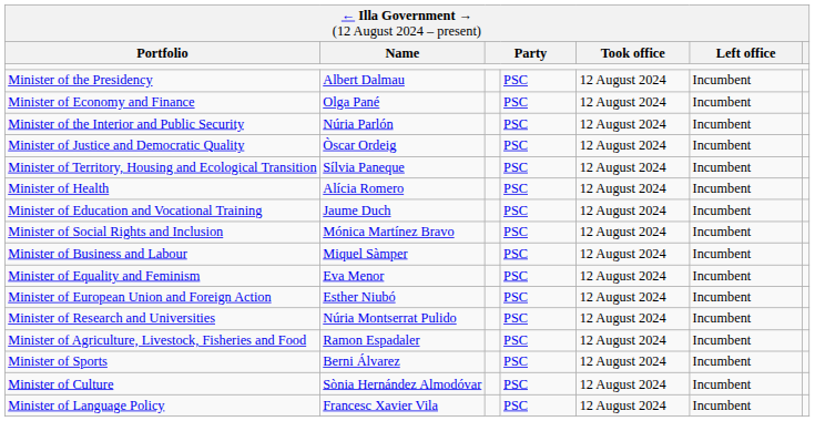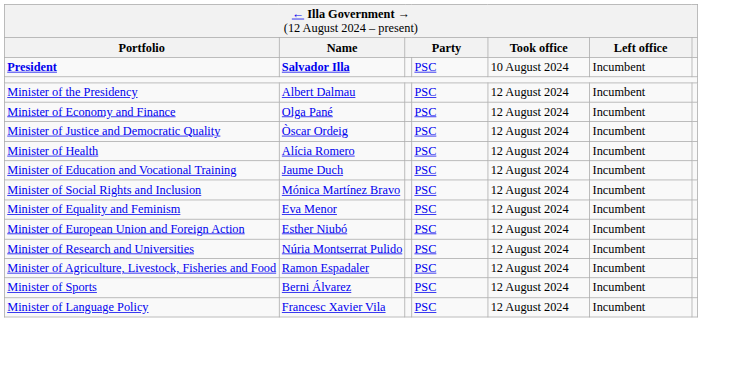 <table class="wikitable">
 <tr>
 <td colspan="7" bgcolor="#F2F2F2" align="center"><a href='#'>←</a> <strong>Illa Government</strong> →<br>(12 August 2024 – present)</td>
 </tr>
 <tr>
 <th>Portfolio</th>
 <th>Name</th>
 <th width="100px" colspan="2">Party</th>
 <th width="125px">Took office</th>
 <th width="125px">Left office</th>
 <th></th>
+</tr>
+<tr>
+<td><strong><a href='#'>President</a></strong></td>
+<td><strong><a href='#'>Salvador Illa</a></strong></td>
+<td width="1" style="background-color:"></td>
+<td><a href='#'>PSC</a></td>
+<td>10 August 2024</td>
+<td>Incumbent</td>
+<td align="center"></td>
 </tr>
 <tr>
 <td colspan="7"></td>
 </tr>
 <tr>
 <td><a href='#'>Minister of the Presidency</a></td>
 <td><a href='#'>Albert Dalmau</a></td>
 <td style="background-color:"></td>
 <td><a href='#'>PSC</a></td>
 <td>12 August 2024</td>
 <td>Incumbent</td>
 <td align="center"></td>
 </tr>
 <tr>
 <td><a href='#'>Minister of Economy and Finance</a></td>
 <td><a href='#'>Olga Pané</a></td>
 <td style="background-color:"></td>
 <td><a href='#'>PSC</a></td>
 <td>12 August 2024</td>
 <td>Incumbent</td>
 <td align="center"></td>
 </tr>
 <tr>
-<td><a href='#'>Minister of the Interior and Public Security</a></td>
-<td><a href='#'>Núria Parlón</a></td>
-<td style="background-color:"></td>
-<td><a href='#'>PSC</a></td>
-<td>12 August 2024</td>
-<td>Incumbent</td>
-<td align="center"></td>
-</tr>
-<tr>
 <td><a href='#'>Minister of Justice and Democratic Quality</a></td>
 <td><a href='#'>Òscar Ordeig</a></td>
 <td style="background-color:"></td>
 <td><a href='#'>PSC</a> </td>
-<td>12 August 2024</td>
-<td>Incumbent</td>
-<td align="center"></td>
-</tr>
-<tr>
-<td><a href='#'>Minister of Territory, Housing and Ecological Transition</a></td>
-<td><a href='#'>Sílvia Paneque</a></td>
-<td style="background-color:"></td>
-<td><a href='#'>PSC</a></td>
 <td>12 August 2024</td>
 <td>Incumbent</td>
 <td align="center"></td>
 </tr>
 <tr>
 <td><a href='#'>Minister of Health</a></td>
 <td><a href='#'>Alícia Romero</a></td>
 <td style="background-color:"></td>
 <td><a href='#'>PSC</a> </td>
 <td>12 August 2024</td>
 <td>Incumbent</td>
 <td align="center"></td>
 </tr>
 <tr>
 <td><a href='#'>Minister of Education and Vocational Training</a></td>
 <td><a href='#'>Jaume Duch</a></td>
 <td style="background-color:"></td>
 <td><a href='#'>PSC</a></td>
 <td>12 August 2024</td>
 <td>Incumbent</td>
 <td align="center"></td>
 </tr>
 <tr>
 <td><a href='#'>Minister of Social Rights and Inclusion</a></td>
 <td><a href='#'>Mónica Martínez Bravo</a></td>
 <td style="background-color:"></td>
 <td><a href='#'>PSC</a></td>
-<td>12 August 2024</td>
-<td>Incumbent</td>
-<td align="center"></td>
-</tr>
-<tr>
-<td><a href='#'>Minister of Business and Labour</a></td>
-<td><a href='#'>Miquel Sàmper</a></td>
-<td style="background-color:"></td>
-<td><a href='#'>PSC</a> </td>
 <td>12 August 2024</td>
 <td>Incumbent</td>
 <td align="center"></td>
 </tr>
 <tr>
 <td><a href='#'>Minister of Equality and Feminism</a></td>
 <td><a href='#'>Eva Menor</a></td>
 <td style="background-color:"></td>
 <td><a href='#'>PSC</a></td>
 <td>12 August 2024</td>
 <td>Incumbent</td>
 <td align="center"></td>
 </tr>
 <tr>
 <td><a href='#'>Minister of European Union and Foreign Action</a></td>
 <td><a href='#'>Esther Niubó</a></td>
 <td style="background-color:"></td>
 <td><a href='#'>PSC</a> </td>
 <td>12 August 2024</td>
 <td>Incumbent</td>
 <td align="center"></td>
 </tr>
 <tr>
 <td><a href='#'>Minister of Research and Universities</a></td>
 <td><a href='#'>Núria Montserrat Pulido</a></td>
 <td style="background-color:"></td>
 <td><a href='#'>PSC</a> </td>
 <td>12 August 2024</td>
 <td>Incumbent</td>
 <td align="center"></td>
 </tr>
 <tr>
 <td><a href='#'>Minister of Agriculture, Livestock, Fisheries and Food</a></td>
 <td><a href='#'>Ramon Espadaler</a></td>
 <td style="background-color:"></td>
 <td><a href='#'>PSC</a></td>
 <td>12 August 2024</td>
 <td>Incumbent</td>
 <td align="center"></td>
 </tr>
 <tr>
 <td><a href='#'>Minister of Sports</a></td>
 <td><a href='#'>Berni Álvarez</a></td>
 <td style="background-color:"></td>
 <td><a href='#'>PSC</a></td>
 <td>12 August 2024</td>
 <td>Incumbent</td>
 <td align="center"></td>
 </tr>
 <tr>
-<td><a href='#'>Minister of Culture</a></td>
-<td><a href='#'>Sònia Hernández Almodóvar</a></td>
-<td style="background-color:"></td>
-<td><a href='#'>PSC</a> </td>
-<td>12 August 2024</td>
-<td>Incumbent</td>
-<td align="center"></td>
-</tr>
-<tr>
 <td><a href='#'>Minister of Language Policy</a></td>
 <td><a href='#'>Francesc Xavier Vila</a></td>
 <td style="background-color:"></td>
 <td><a href='#'>PSC</a> </td>
 <td>12 August 2024</td>
 <td>Incumbent</td>
 <td align="center"></td>
 </tr>
 </table>
